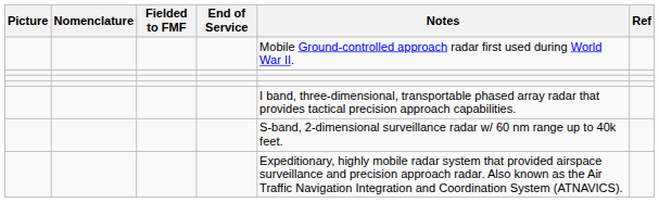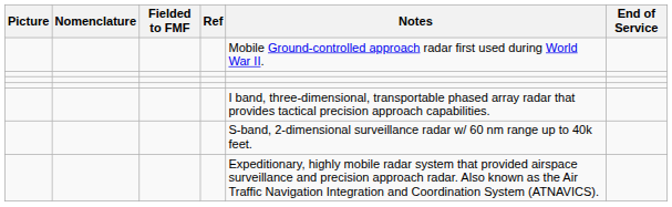 <table class="wikitable sortable">
 <tr>
 <th class="unsortable">Picture</th>
 <th class="unsortable">Nomenclature</th>
 <th class="unsortable">Fielded to FMF</th>
+<th class="unsortable">Ref</th>
+<th class="unsortable">Notes</th>
 <th class="unsortable">End of Service</th>
-<th class="unsortable">Notes</th>
-<th class="unsortable">Ref</th>
 </tr>
 <tr>
 <td></td>
 <td></td>
 <td></td>
 <td></td>
 <td>Mobile <a href='#'>Ground-controlled approach</a> radar first used during <a href='#'>World War II</a>.</td>
 <td></td>
 </tr>
 <tr>
 <td></td>
 <td></td>
 <td></td>
 <td></td>
 <td></td>
 <td></td>
 </tr>
 <tr>
 <td></td>
 <td></td>
 <td></td>
 <td></td>
 <td></td>
 <td></td>
 </tr>
 <tr>
 <td></td>
 <td></td>
 <td></td>
 <td></td>
 <td></td>
 <td></td>
 </tr>
 <tr>
 <td></td>
 <td></td>
 <td></td>
 <td></td>
 <td>I band, three-dimensional, transportable phased array radar that provides tactical precision approach capabilities.</td>
 <td></td>
 </tr>
 <tr>
 <td></td>
 <td></td>
 <td></td>
 <td></td>
 <td>S-band, 2-dimensional surveillance radar w/ 60 nm range up to 40k feet.</td>
 <td></td>
 </tr>
 <tr>
 <td></td>
 <td></td>
 <td></td>
 <td></td>
 <td>Expeditionary, highly mobile radar system that provided airspace surveillance and precision approach radar. Also known as the Air Traffic Navigation Integration and Coordination System (ATNAVICS).</td>
 <td></td>
 </tr>
 </table>
